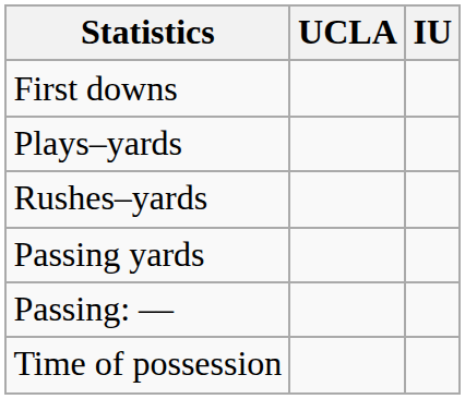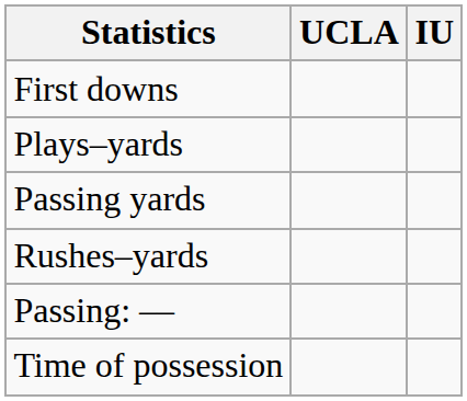 <table class="wikitable" style="float:left">
 <tr>
 <th>Statistics</th>
 <th>UCLA</th>
 <th>IU</th>
 </tr>
 <tr>
 <td>First downs</td>
 <td></td>
 <td></td>
 </tr>
 <tr>
 <td>Plays–yards</td>
 <td></td>
 <td></td>
 </tr>
 <tr>
-<td>Rushes–yards</td>
+<td>Passing yards</td>
 <td></td>
 <td></td>
 </tr>
 <tr>
-<td>Passing yards</td>
+<td>Rushes–yards</td>
 <td></td>
 <td></td>
 </tr>
 <tr>
 <td>Passing: ––</td>
 <td></td>
 <td></td>
 </tr>
 <tr>
 <td>Time of possession</td>
 <td></td>
 <td></td>
 </tr>
 </table>
